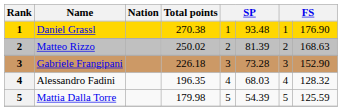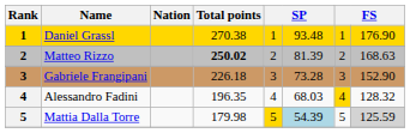 <table class="wikitable sortable">
 <tr>
 <th>Rank</th>
 <th>Name</th>
 <th>Nation</th>
 <th>Total points</th>
 <th colspan="2" width="80px"><a href='#'>SP</a></th>
 <th colspan="2" width="80px"><a href='#'>FS</a></th>
 </tr>
 <tr bgcolor="gold">
 <td align="center"><strong>1</strong></td>
 <td><a href='#'>Daniel Grassl</a></td>
 <td></td>
 <td align="center">270.38</td>
 <td align="center">1</td>
 <td align="center">93.48</td>
 <td align="center">1</td>
 <td align="center">176.90</td>
 </tr>
 <tr>
 </tr>
 <tr bgcolor="silver">
 <td align="center"><strong>2</strong></td>
 <td><a href='#'>Matteo Rizzo</a></td>
 <td></td>
-<td align="center">250.02</td>
+<td align="center"><strong>250.02</strong></td>
 <td align="center">2</td>
 <td align="center">81.39</td>
 <td align="center">2</td>
 <td align="center">168.63</td>
 </tr>
 <tr>
 </tr>
 <tr bgcolor="cc9966">
 <td align="center"><strong>3</strong></td>
 <td><a href='#'>Gabriele Frangipani</a></td>
 <td></td>
 <td align="center">226.18</td>
 <td align="center">3</td>
 <td align="center">73.28</td>
 <td align="center">3</td>
 <td align="center">152.90</td>
 </tr>
 <tr>
 <th>4</th>
 <td>Alessandro Fadini</td>
 <td></td>
 <td align="center">196.35</td>
 <td align="center">4</td>
 <td align="center">68.03</td>
-<td align="center">4</td>
+<td align="center" style="background: gold;">4</td>
 <td align="center">128.32</td>
 </tr>
 <tr>
 <th>5</th>
 <td><a href='#'>Mattia Dalla Torre</a></td>
 <td></td>
 <td align="center">179.98</td>
+<td align="center" style="background: gold;">5</td>
+<td align="center" style="background: lightblue;">54.39</td>
 <td align="center">5</td>
-<td align="center">54.39</td>
-<td align="center">5</td>
-<td align="center">125.59</td>
+<td align="center" style="background: lightgrey;">125.59</td>
 </tr>
 <tr>
 </tr>
 </table>
